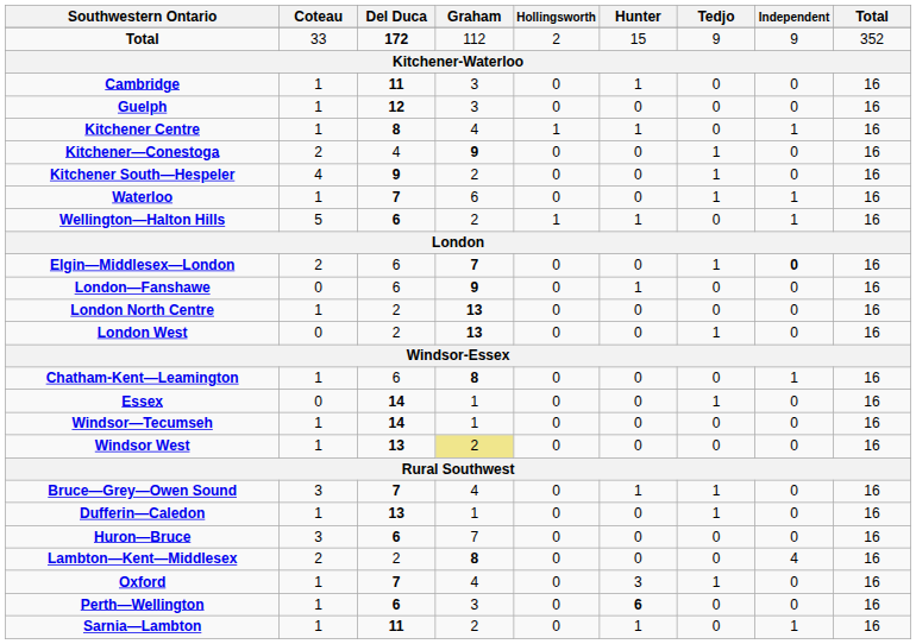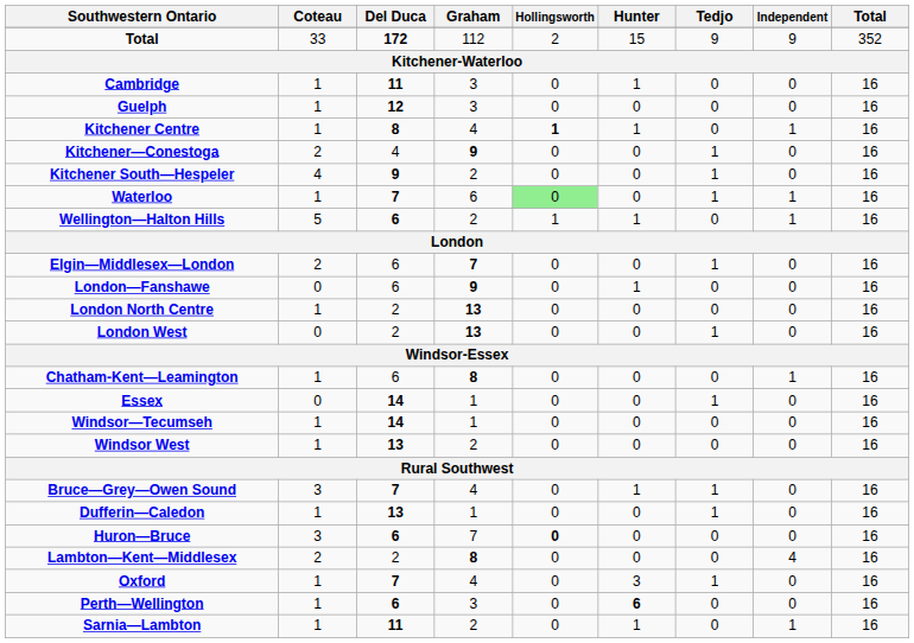 <table class="wikitable mw-collapsible mw-collapsed">
 <tr>
 <th style="width:300px;">Southwestern Ontario</th>
 <th style="width:80px;">Coteau</th>
 <th style="width:80px;">Del Duca</th>
 <th style="width:80px;">Graham</th>
 <th style="width:80px;"><small>Hollingsworth</small></th>
 <th style="width:80px;">Hunter</th>
 <th style="width:80px;">Tedjo</th>
 <th style="width:80px;"><small>Independent</small></th>
 <th style="width:80px;">Total</th>
 </tr>
 <tr>
 </tr>
 <tr style="text-align:center;">
 <td><strong>Total</strong></td>
 <td>33</td>
 <td><strong>172</strong></td>
 <td>112</td>
 <td>2</td>
 <td>15</td>
 <td>9</td>
 <td>9</td>
 <td>352</td>
 </tr>
 <tr>
 <th colspan = "9">Kitchener-Waterloo</th>
 </tr>
 <tr style="text-align:center;">
 <td><strong><a href='#'>Cambridge</a></strong></td>
 <td>1</td>
 <td><strong>11</strong></td>
 <td>3</td>
 <td>0</td>
 <td>1</td>
 <td>0</td>
 <td>0</td>
 <td>16</td>
 </tr>
 <tr style="text-align:center;">
 <td><strong><a href='#'>Guelph</a></strong></td>
 <td>1</td>
 <td><strong>12</strong></td>
 <td>3</td>
 <td>0</td>
 <td>0</td>
 <td>0</td>
 <td>0</td>
 <td>16</td>
 </tr>
 <tr style="text-align:center;">
 <td><strong><a href='#'>Kitchener Centre</a></strong></td>
 <td>1</td>
 <td><strong>8</strong></td>
 <td>4</td>
-<td>1</td>
+<td><strong>1</strong></td>
 <td>1</td>
 <td>0</td>
 <td>1</td>
 <td>16</td>
 </tr>
 <tr style="text-align:center;">
 <td><strong><a href='#'>Kitchener—Conestoga</a></strong></td>
 <td>2</td>
 <td>4</td>
 <td><strong>9</strong></td>
 <td>0</td>
 <td>0</td>
 <td>1</td>
 <td>0</td>
 <td>16</td>
 </tr>
 <tr style="text-align:center;">
 <td><strong><a href='#'>Kitchener South—Hespeler</a></strong></td>
 <td>4</td>
 <td><strong>9</strong></td>
 <td>2</td>
 <td>0</td>
 <td>0</td>
 <td>1</td>
 <td>0</td>
 <td>16</td>
 </tr>
 <tr style="text-align:center;">
 <td><strong><a href='#'>Waterloo</a></strong></td>
 <td>1</td>
 <td><strong>7</strong></td>
 <td>6</td>
-<td>0</td>
+<td style="background: lightgreen;">0</td>
 <td>0</td>
 <td>1</td>
 <td>1</td>
 <td>16</td>
 </tr>
 <tr style="text-align:center;">
 <td><strong><a href='#'>Wellington—Halton Hills</a></strong></td>
 <td>5</td>
 <td><strong>6</strong></td>
 <td>2</td>
 <td>1</td>
 <td>1</td>
 <td>0</td>
 <td>1</td>
 <td>16</td>
 </tr>
 <tr>
 <th colspan = "9">London</th>
 </tr>
 <tr style="text-align:center;">
 <td><strong><a href='#'>Elgin—Middlesex—London</a></strong></td>
 <td>2</td>
 <td>6</td>
 <td><strong>7</strong></td>
 <td>0</td>
 <td>0</td>
 <td>1</td>
-<td><strong>0</strong></td>
+<td>0</td>
 <td>16</td>
 </tr>
 <tr style="text-align:center;">
 <td><strong><a href='#'>London—Fanshawe</a></strong></td>
 <td>0</td>
 <td>6</td>
 <td><strong>9</strong></td>
 <td>0</td>
 <td>1</td>
 <td>0</td>
 <td>0</td>
 <td>16</td>
 </tr>
 <tr style="text-align:center;">
 <td><strong><a href='#'>London North Centre</a></strong></td>
 <td>1</td>
 <td>2</td>
 <td><strong>13</strong></td>
 <td>0</td>
 <td>0</td>
 <td>0</td>
 <td>0</td>
 <td>16</td>
 </tr>
 <tr style="text-align:center;">
 <td><strong><a href='#'>London West</a></strong></td>
 <td>0</td>
 <td>2</td>
 <td><strong>13</strong></td>
 <td>0</td>
 <td>0</td>
 <td>1</td>
 <td>0</td>
 <td>16</td>
 </tr>
 <tr>
 <th colspan = "9">Windsor-Essex</th>
 </tr>
 <tr style="text-align:center;">
 <td><strong><a href='#'>Chatham-Kent—Leamington</a></strong></td>
 <td>1</td>
 <td>6</td>
 <td><strong>8</strong></td>
 <td>0</td>
 <td>0</td>
 <td>0</td>
 <td>1</td>
 <td>16</td>
 </tr>
 <tr style="text-align:center;">
 <td><strong><a href='#'>Essex</a></strong></td>
 <td>0</td>
 <td><strong>14</strong></td>
 <td>1</td>
 <td>0</td>
 <td>0</td>
 <td>1</td>
 <td>0</td>
 <td>16</td>
 </tr>
 <tr style="text-align:center;">
 <td><strong><a href='#'>Windsor—Tecumseh</a></strong></td>
 <td>1</td>
 <td><strong>14</strong></td>
 <td>1</td>
 <td>0</td>
 <td>0</td>
 <td>0</td>
 <td>0</td>
 <td>16</td>
 </tr>
 <tr style="text-align:center;">
 <td><strong><a href='#'>Windsor West</a></strong></td>
 <td>1</td>
 <td><strong>13</strong></td>
-<td style="background: khaki;">2</td>
+<td>2</td>
 <td>0</td>
 <td>0</td>
 <td>0</td>
 <td>0</td>
 <td>16</td>
 </tr>
 <tr>
 <th colspan = "9">Rural Southwest</th>
 </tr>
 <tr style="text-align:center;">
 <td><strong><a href='#'>Bruce—Grey—Owen Sound</a></strong></td>
 <td>3</td>
 <td><strong>7</strong></td>
 <td>4</td>
 <td>0</td>
 <td>1</td>
 <td>1</td>
 <td>0</td>
 <td>16</td>
 </tr>
 <tr style="text-align:center;">
 <td><strong><a href='#'>Dufferin—Caledon</a></strong></td>
 <td>1</td>
 <td><strong>13</strong></td>
 <td>1</td>
 <td>0</td>
 <td>0</td>
 <td>1</td>
 <td>0</td>
 <td>16</td>
 </tr>
 <tr style="text-align:center;">
 <td><strong><a href='#'>Huron—Bruce</a></strong></td>
 <td>3</td>
 <td><strong>6</strong></td>
 <td>7</td>
-<td>0</td>
+<td><strong>0</strong></td>
 <td>0</td>
 <td>0</td>
 <td>0</td>
 <td>16</td>
 </tr>
 <tr style="text-align:center;">
 <td><strong><a href='#'>Lambton—Kent—Middlesex</a></strong></td>
 <td>2</td>
 <td>2</td>
 <td><strong>8</strong></td>
 <td>0</td>
 <td>0</td>
 <td>0</td>
 <td>4</td>
 <td>16</td>
 </tr>
 <tr style="text-align:center;">
 <td><strong><a href='#'>Oxford</a></strong></td>
 <td>1</td>
 <td><strong>7</strong></td>
 <td>4</td>
 <td>0</td>
 <td>3</td>
 <td>1</td>
 <td>0</td>
 <td>16</td>
 </tr>
 <tr style="text-align:center;">
 <td><strong><a href='#'>Perth—Wellington</a></strong></td>
 <td>1</td>
 <td><strong>6</strong></td>
 <td>3</td>
 <td>0</td>
 <td><strong>6</strong></td>
 <td>0</td>
 <td>0</td>
 <td>16</td>
 </tr>
 <tr style="text-align:center;">
 <td><strong><a href='#'>Sarnia—Lambton</a></strong></td>
 <td>1</td>
 <td><strong>11</strong></td>
 <td>2</td>
 <td>0</td>
 <td>1</td>
 <td>0</td>
 <td>1</td>
 <td>16</td>
 </tr>
 </table>
